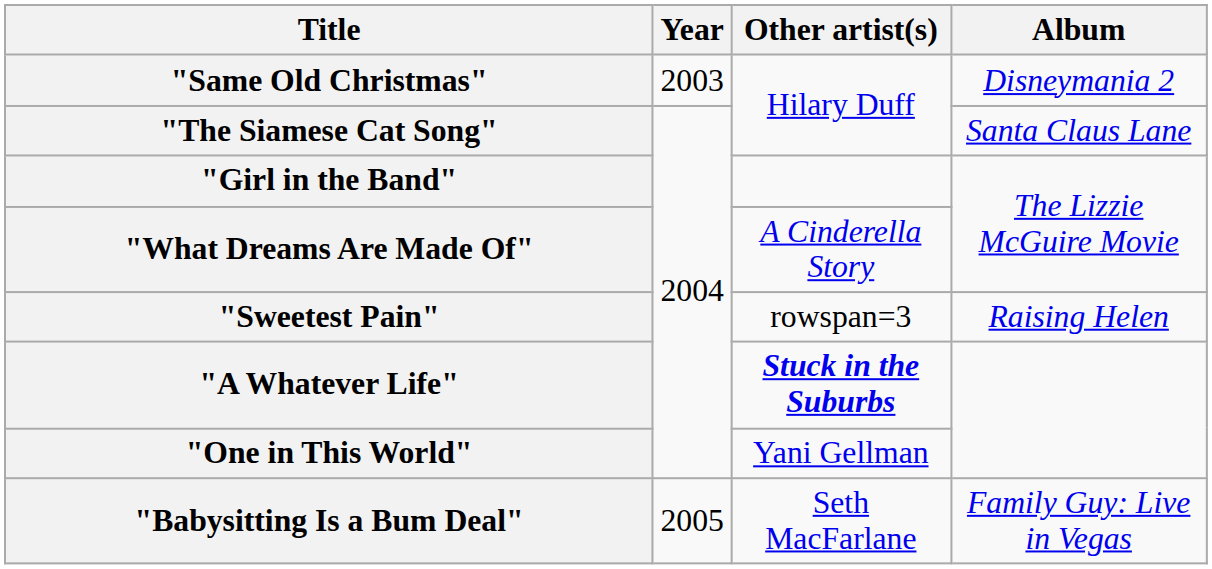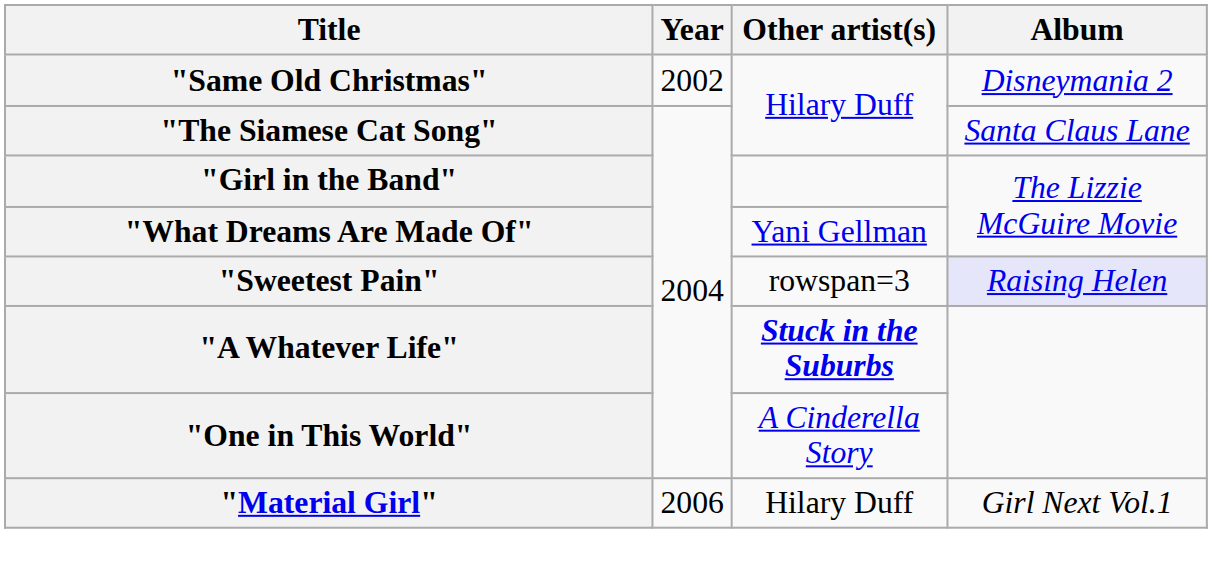 <table class="wikitable plainrowheaders" style="text-align:center;" border="1">
 <tr>
 <th scope="col" style="width:20em;">Title</th>
 <th scope="col">Year</th>
 <th scope="col">Other artist(s)</th>
 <th scope="col">Album</th>
 </tr>
 <tr>
 <th scope="row">"Same Old Christmas"</th>
-<td>2003</td>
+<td>2002</td>
 <td rowspan=2><a href='#'>Hilary Duff</a></td>
 <td><em><a href='#'>Disneymania 2</a></em></td>
 </tr>
 <tr>
 <th scope="row">"The Siamese Cat Song"</th>
 <td rowspan=6>2004</td>
 <td><em><a href='#'>Santa Claus Lane</a></em></td>
 </tr>
 <tr>
 <th scope="row">"Girl in the Band"</th>
 <td></td>
 <td rowspan=2><em><a href='#'>The Lizzie McGuire Movie</a></em></td>
 </tr>
 <tr>
 <th scope="row">"What Dreams Are Made Of" </th>
-<td><em><a href='#'>A Cinderella Story</a></em></td>
+<td><a href='#'>Yani Gellman</a></td>
 </tr>
 <tr>
 <th scope="row">"Sweetest Pain"</th>
 <td>rowspan=3 </td>
-<td><em><a href='#'>Raising Helen</a></em></td>
+<td style="background: lavender;"><em><a href='#'>Raising Helen</a></em></td>
 </tr>
 <tr>
 <th scope="row">"A Whatever Life"</th>
 <td><strong><em><a href='#'>Stuck in the Suburbs</a></em></strong></td>
 </tr>
 <tr>
 <th scope="row">"One in This World"</th>
-<td><a href='#'>Yani Gellman</a></td>
+<td><em><a href='#'>A Cinderella Story</a></em></td>
 </tr>
 <tr>
-<th scope="row">"Babysitting Is a Bum Deal"</th>
-<td>2005</td>
-<td><a href='#'>Seth MacFarlane</a></td>
-<td><em><a href='#'>Family Guy: Live in Vegas</a></em></td>
+<th scope="row">"<a href='#'>Material Girl</a>"</th>
+<td>2006</td>
+<td>Hilary Duff</td>
+<td><em>Girl Next Vol.1</em></td>
 </tr>
 </table>
